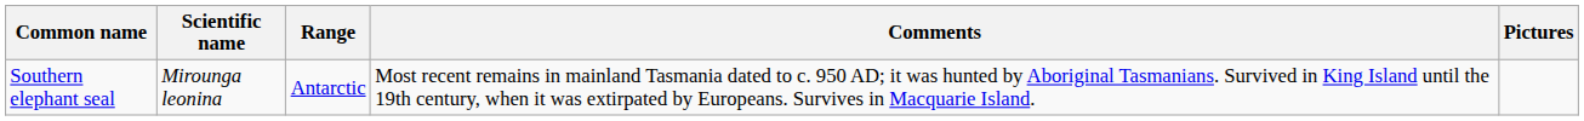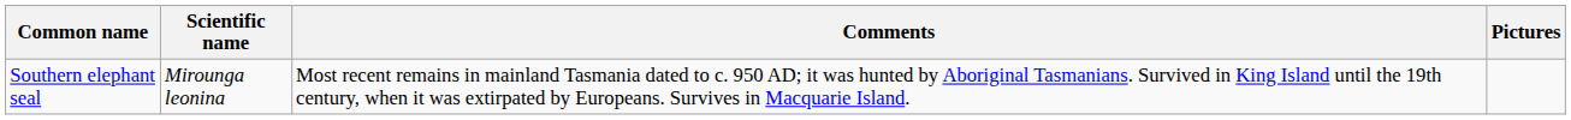 <table class="wikitable">
 <tr>
 <th>Common name</th>
 <th>Scientific name</th>
-<th>Range</th>
 <th class="unsortable">Comments</th>
 <th class="unsortable">Pictures</th>
 </tr>
 <tr>
 <td><a href='#'>Southern elephant seal</a></td>
 <td><em>Mirounga leonina</em></td>
-<td><a href='#'>Antarctic</a></td>
 <td>Most recent remains in mainland Tasmania dated to c. 950 AD; it was hunted by <a href='#'>Aboriginal Tasmanians</a>. Survived in <a href='#'>King Island</a> until the 19th century, when it was extirpated by Europeans. Survives in <a href='#'>Macquarie Island</a>.</td>
 <td></td>
 </tr>
 </table>
